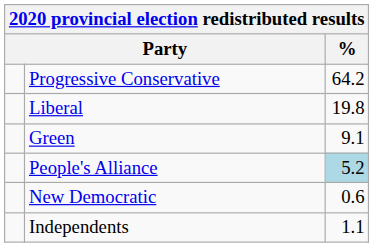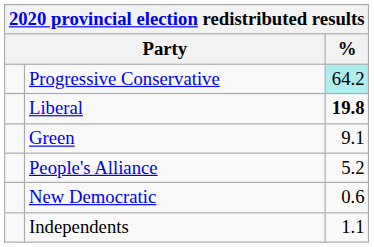 <table class="wikitable">
 <tr>
 <th colspan="4"><a href='#'>2020 provincial election</a> redistributed results</th>
 </tr>
 <tr>
 <th bgcolor="#DDDDFF" width="130px" colspan="2">Party</th>
 <th bgcolor="#DDDDFF" width="30px">%</th>
 </tr>
 <tr>
 <td> </td>
 <td><a href='#'>Progressive Conservative</a></td>
-<td align=right>64.2</td>
+<td align=right style="background: paleturquoise;">64.2</td>
 </tr>
 <tr>
 <td> </td>
 <td><a href='#'>Liberal</a></td>
-<td align=right>19.8</td>
+<td align=right><strong>19.8</strong></td>
 </tr>
 <tr>
 <td> </td>
 <td><a href='#'>Green</a></td>
 <td align=right>9.1</td>
 </tr>
 <tr>
 <td> </td>
 <td><a href='#'>People's Alliance</a></td>
-<td align=right style="background: lightblue;">5.2</td>
+<td align=right>5.2</td>
 </tr>
 <tr>
 <td> </td>
 <td><a href='#'>New Democratic</a></td>
 <td align=right>0.6</td>
 </tr>
 <tr>
 <td> </td>
 <td>Independents</td>
 <td align=right>1.1</td>
 </tr>
 </table>
